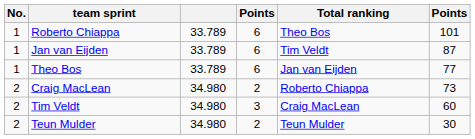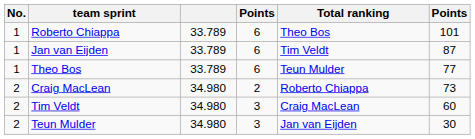 <table class="wikitable">
 <tr>
 <th width="20px">No.</th>
 <th width="200px">team sprint</th>
 <th width="70px"></th>
 <th width="40px">Points</th>
 <th width="200px">Total ranking</th>
 <th width="40px">Points</th>
 </tr>
 <tr align=center>
 <td>1</td>
 <td align=left> <a href='#'>Roberto Chiappa</a></td>
 <td>33.789</td>
 <td>6</td>
 <td align=left> <a href='#'>Theo Bos</a></td>
 <td>101</td>
 </tr>
 <tr align=center>
 <td>1</td>
 <td align=left> <a href='#'>Jan van Eijden</a></td>
 <td>33.789</td>
 <td>6</td>
 <td align=left> <a href='#'>Tim Veldt</a></td>
 <td>87</td>
 </tr>
 <tr align=center>
 <td>1</td>
 <td align=left> <a href='#'>Theo Bos</a></td>
 <td>33.789</td>
 <td>6</td>
-<td align=left> <a href='#'>Jan van Eijden</a></td>
+<td align=left> <a href='#'>Teun Mulder</a></td>
 <td>77</td>
 </tr>
 <tr align=center>
 <td>2</td>
 <td align=left> <a href='#'>Craig MacLean</a></td>
 <td>34.980</td>
 <td>2</td>
 <td align=left> <a href='#'>Roberto Chiappa</a></td>
 <td>73</td>
 </tr>
 <tr align=center>
 <td>2</td>
 <td align=left> <a href='#'>Tim Veldt</a></td>
 <td>34.980</td>
 <td>3</td>
 <td align=left> <a href='#'>Craig MacLean</a></td>
 <td>60</td>
 </tr>
 <tr align=center>
 <td>2</td>
 <td align=left> <a href='#'>Teun Mulder</a></td>
 <td>34.980</td>
-<td>2</td>
-<td align=left> <a href='#'>Teun Mulder</a></td>
+<td>3</td>
+<td align=left> <a href='#'>Jan van Eijden</a></td>
 <td>30</td>
 </tr>
 </table>
